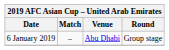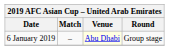 <table class="wikitable" style="margin:1em auto 1em auto; text-align:center; font-size:small;">
 <tr>
 <th colspan="4">2019 AFC Asian Cup – United Arab Emirates</th>
 </tr>
 <tr>
 <th>Date</th>
 <th>Match</th>
 <th>Venue</th>
 <th>Round</th>
 </tr>
 <tr>
 <td>6 January 2019</td>
 <td> – </td>
-<td><a href='#'>Abu Dhabi</a></td>
+<td style="background: lightyellow;"><a href='#'>Abu Dhabi</a></td>
 <td>Group stage</td>
 </tr>
 <tr>
 </tr>
 </table>
